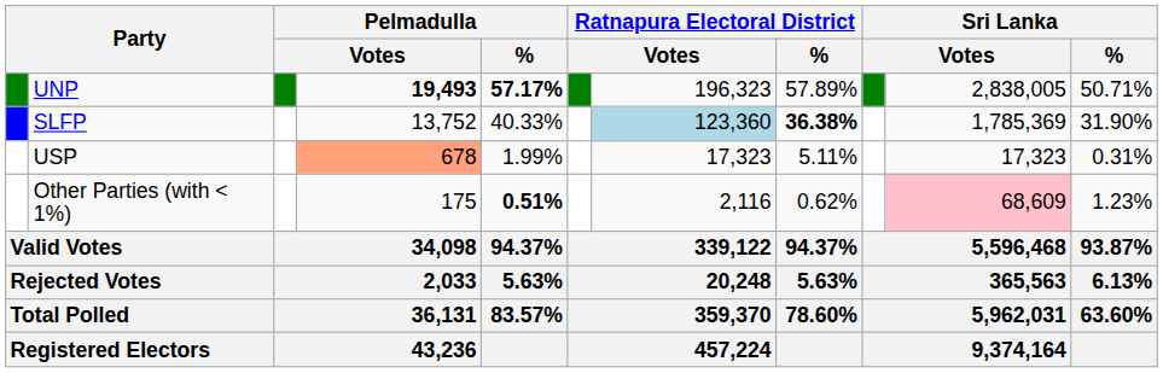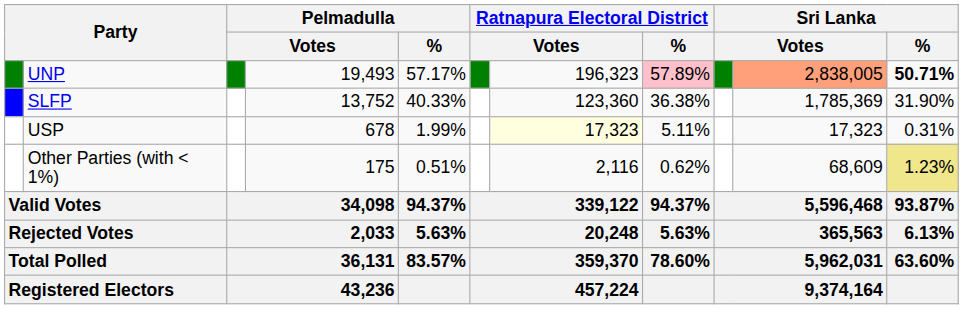 <table class="wikitable">
 <tr>
 <th colspan="2" width="144px"rowspan="2">Party</th>
 <th colspan="3" width="216px">Pelmadulla</th>
 <th colspan="3" width="216px"><a href='#'>Ratnapura Electoral District</a></th>
 <th colspan="3" width="216px">Sri Lanka</th>
 </tr>
 <tr>
 <th colspan="2" width="144px">Votes</th>
 <th>%</th>
 <th colspan="2" width="144px">Votes</th>
 <th>%</th>
 <th colspan="2" width="144px">Votes</th>
 <th>%</th>
 </tr>
 <tr>
 <td style="background-color:green;" width="10px"></td>
 <td style="text-align:left;"><a href='#'>UNP</a></td>
 <td style="background-color:green;" width="10px"></td>
-<td style="text-align:right;"><strong>19,493</strong></td>
-<td style="text-align:right;"><strong>57.17%</strong></td>
+<td style="text-align:right;">19,493</td>
+<td style="text-align:right;">57.17%</td>
 <td style="background-color:green;" width="10px"></td>
 <td style="text-align:right;">196,323</td>
-<td style="text-align:right;">57.89%</td>
+<td style="background: pink; text-align:right;">57.89%</td>
 <td style="background-color:green;" width="10px"></td>
-<td style="text-align:right;">2,838,005</td>
-<td style="text-align:right;">50.71%</td>
+<td style="background: lightsalmon; text-align:right;">2,838,005</td>
+<td style="text-align:right;"><strong>50.71%</strong></td>
 </tr>
 <tr>
 <td style="background-color:blue;" width="10px"></td>
 <td style="text-align:left;"><a href='#'>SLFP</a></td>
 <td style="background-color:white;" width="10px"></td>
 <td style="text-align:right;">13,752</td>
 <td style="text-align:right;">40.33%</td>
 <td style="background-color:white;" width="10px"></td>
-<td style="background: lightblue; text-align:right;">123,360</td>
-<td style="text-align:right;"><strong>36.38%</strong></td>
+<td style="text-align:right;">123,360</td>
+<td style="text-align:right;">36.38%</td>
 <td style="background-color:white;" width="10px"></td>
 <td style="text-align:right;">1,785,369</td>
 <td style="text-align:right;">31.90%</td>
 </tr>
 <tr>
 <td style="background-color:white;" width="10px"></td>
 <td style="text-align:left;">USP</td>
 <td style="background-color:white;" width="10px"></td>
-<td style="background: lightsalmon; text-align:right;">678</td>
+<td style="text-align:right;">678</td>
 <td style="text-align:right;">1.99%</td>
 <td style="background-color:white;" width="10px"></td>
-<td style="text-align:right;">17,323</td>
+<td style="background: lightyellow; text-align:right;">17,323</td>
 <td style="text-align:right;">5.11%</td>
 <td style="background-color:white;" width="10px"></td>
 <td style="text-align:right;">17,323</td>
 <td style="text-align:right;">0.31%</td>
 </tr>
 <tr>
 <td style="background-color:white;" width="10px"></td>
 <td style="text-align:left;">Other Parties (with < 1%)</td>
 <td style="background-color:white;" width="10px"></td>
 <td style="text-align:right;">175</td>
-<td style="text-align:right;"><strong>0.51%</strong></td>
+<td style="text-align:right;">0.51%</td>
 <td style="background-color:white;" width="10px"></td>
 <td style="text-align:right;">2,116</td>
 <td style="text-align:right;">0.62%</td>
 <td style="background-color:white;" width="10px"></td>
-<td style="background: pink; text-align:right;">68,609</td>
-<td style="text-align:right;">1.23%</td>
+<td style="text-align:right;">68,609</td>
+<td style="background: khaki; text-align:right;">1.23%</td>
 </tr>
 <tr>
 <th colspan="2" width="144px"style="text-align:left;">Valid Votes</th>
 <th style="text-align:right;"colspan="2" width="144px">34,098</th>
 <th style="text-align:right;">94.37%</th>
 <th style="text-align:right;"colspan="2" width="144px">339,122</th>
 <th style="text-align:right;">94.37%</th>
 <th style="text-align:right;"colspan="2" width="144px">5,596,468</th>
 <th style="text-align:right;">93.87%</th>
 </tr>
 <tr>
 <th colspan="2" width="144px"style="text-align:left;">Rejected Votes</th>
 <th style="text-align:right;"colspan="2" width="144px">2,033</th>
 <th style="text-align:right;">5.63%</th>
 <th style="text-align:right;"colspan="2" width="144px">20,248</th>
 <th style="text-align:right;">5.63%</th>
 <th style="text-align:right;"colspan="2" width="144px">365,563</th>
 <th style="text-align:right;">6.13%</th>
 </tr>
 <tr>
 <th colspan="2" width="144px"style="text-align:left;">Total Polled</th>
 <th style="text-align:right;"colspan="2" width="144px">36,131</th>
 <th style="text-align:right;">83.57%</th>
 <th style="text-align:right;"colspan="2" width="144px">359,370</th>
 <th style="text-align:right;">78.60%</th>
 <th style="text-align:right;"colspan="2" width="144px">5,962,031</th>
 <th style="text-align:right;">63.60%</th>
 </tr>
 <tr>
 <th colspan="2" width="144px"style="text-align:left;">Registered Electors</th>
 <th style="text-align:right;"colspan="2" width="144px">43,236</th>
 <th></th>
 <th style="text-align:right;"colspan="2" width="144px">457,224</th>
 <th></th>
 <th style="text-align:right;"colspan="2" width="144px">9,374,164</th>
 <th></th>
 </tr>
 </table>
